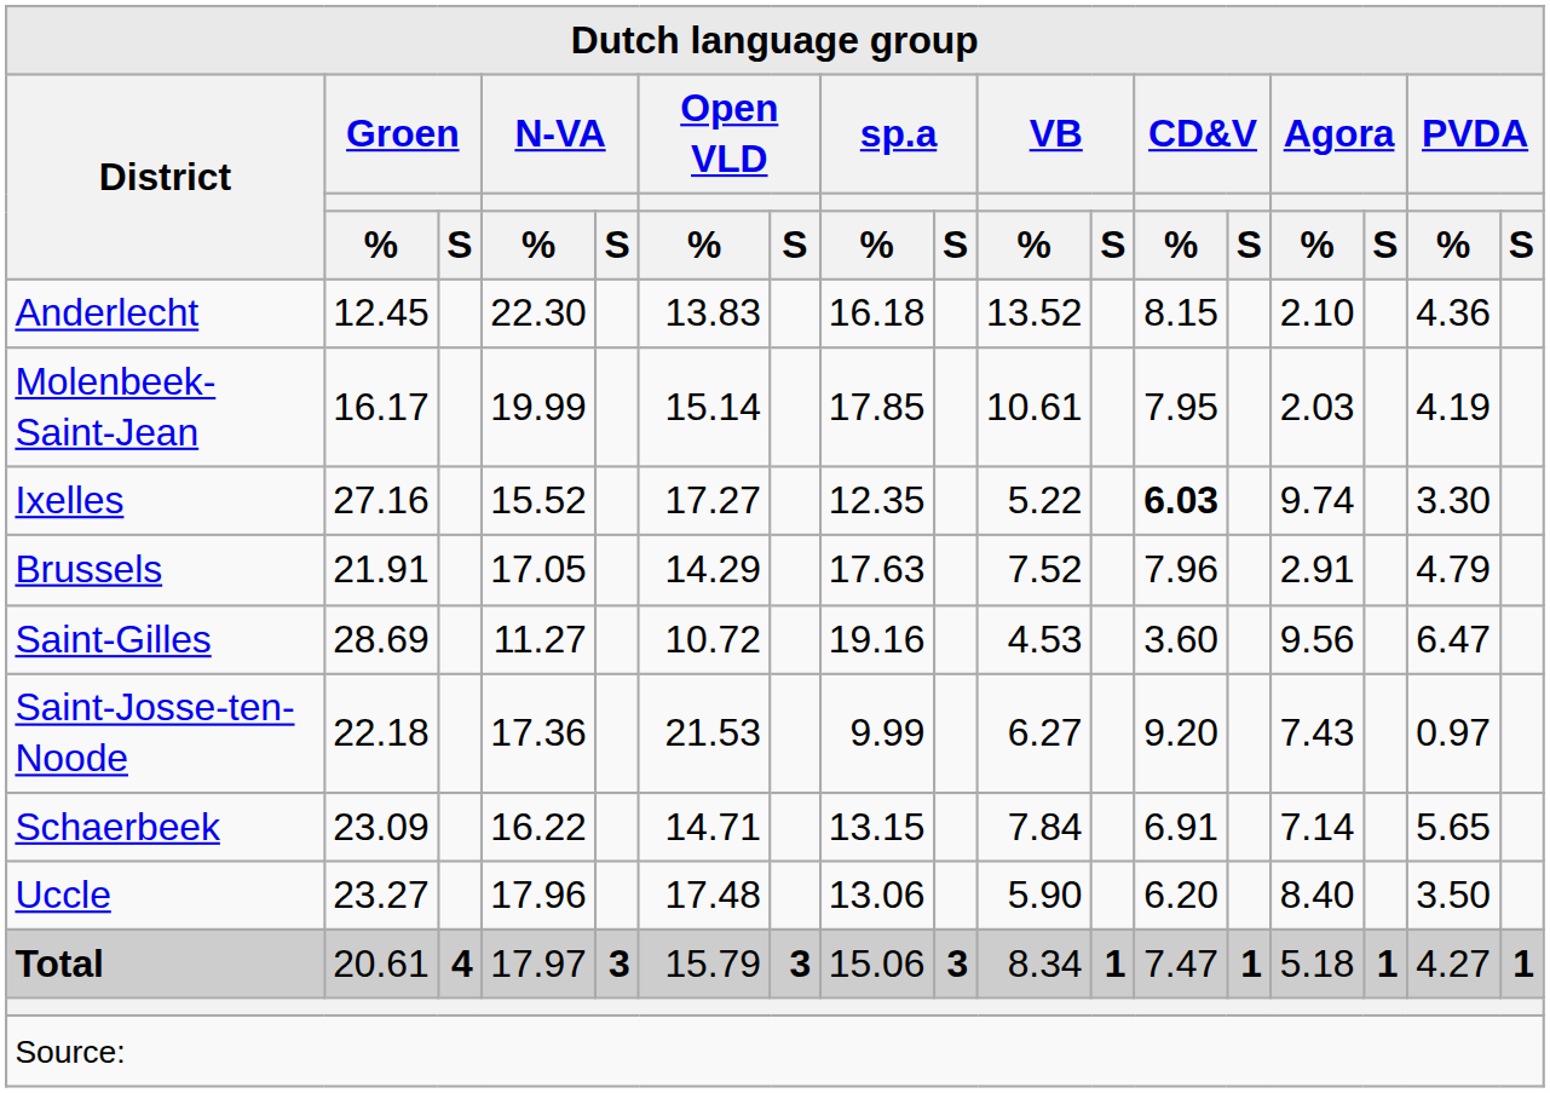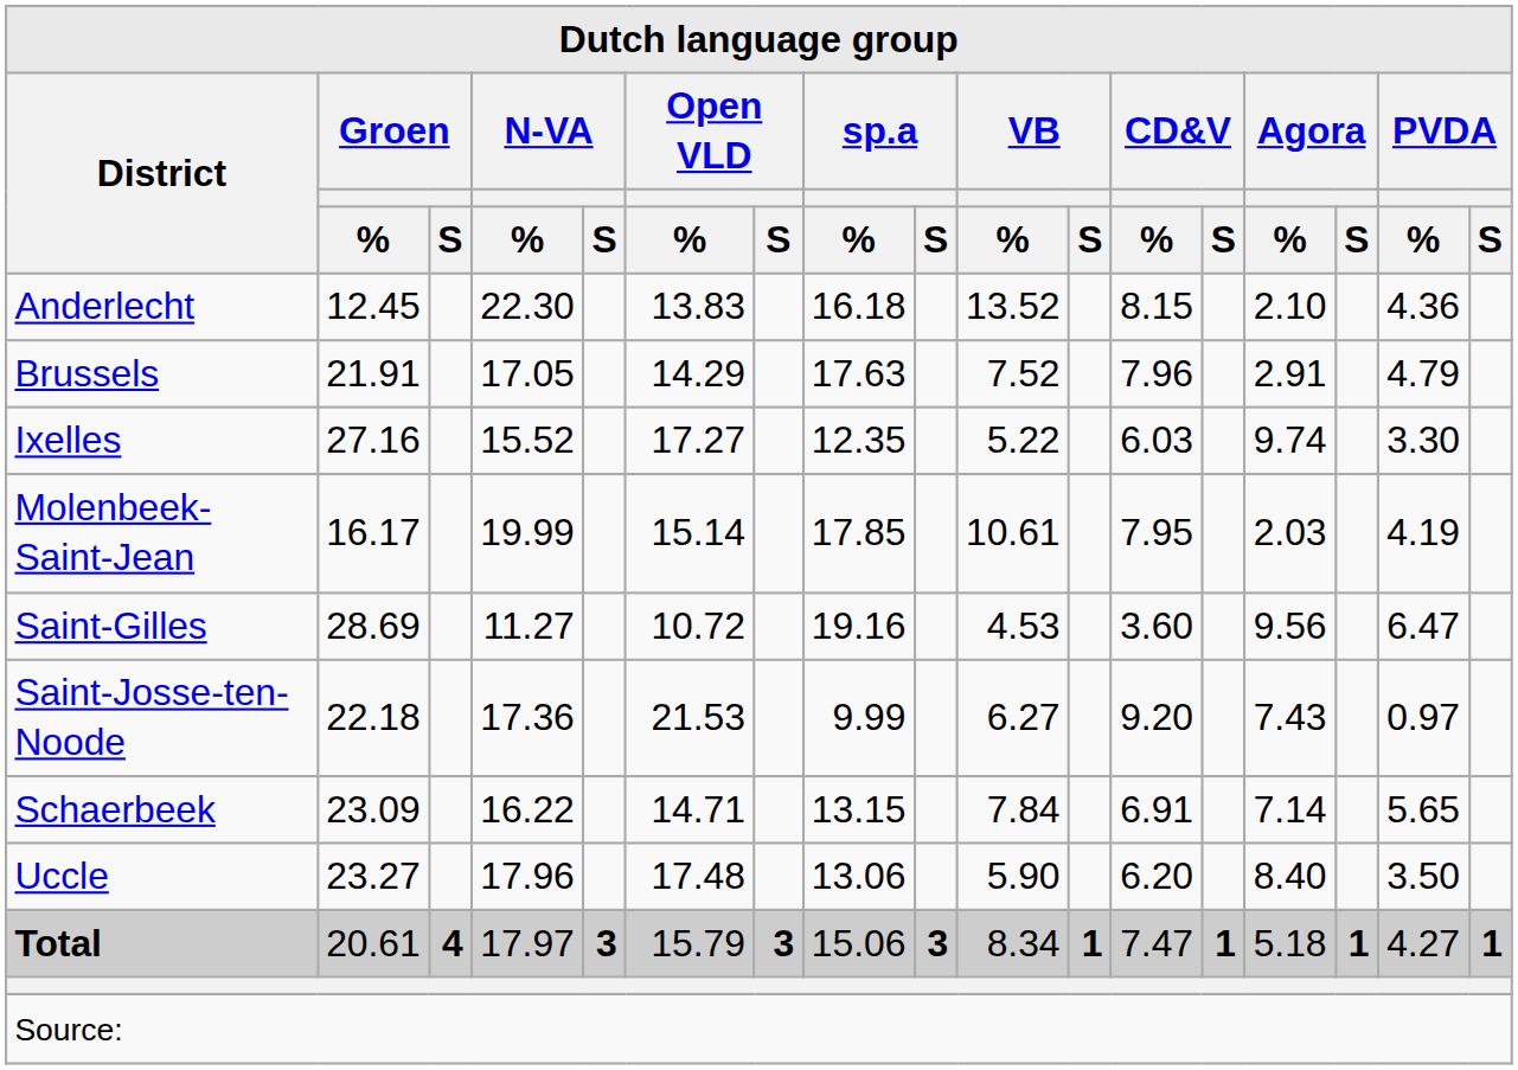 <table class="wikitable sortable" style="text-align:right; font-size:95%; line-height:20px;">
 <tr style="text-align:center;">
 <td style="background-color:#E9E9E9"; colspan="17" align="centre"><strong>Dutch language group</strong></td>
 </tr>
 <tr>
 <th rowspan="3">District</th>
 <th colspan="2"><a href='#'>Groen</a></th>
 <th colspan="2"><a href='#'>N-VA</a></th>
 <th colspan="2"><a href='#'>Open VLD</a></th>
 <th colspan="2"><a href='#'>sp.a</a></th>
 <th colspan="2"><a href='#'>VB</a></th>
 <th colspan="2"><a href='#'>CD&V</a></th>
 <th colspan="2"><a href='#'>Agora</a></th>
 <th colspan="2"><a href='#'>PVDA</a></th>
 </tr>
 <tr>
 <th colspan="2" style="background:"></th>
 <th colspan="2" style="background:"></th>
 <th colspan="2" style="background:"></th>
 <th colspan="2" style="background: "></th>
 <th colspan="2" style="background:"></th>
 <th colspan="2" style="background:"></th>
 <th colspan="2" style="background: "></th>
 <th colspan="2" style="background: "></th>
 </tr>
 <tr>
 <th>%</th>
 <th>S</th>
 <th>%</th>
 <th>S</th>
 <th>%</th>
 <th>S</th>
 <th>%</th>
 <th>S</th>
 <th>%</th>
 <th>S</th>
 <th>%</th>
 <th>S</th>
 <th>%</th>
 <th>S</th>
 <th>%</th>
 <th>S</th>
 </tr>
 <tr>
 <td align="left"><a href='#'>Anderlecht</a></td>
 <td>12.45</td>
 <td></td>
 <td style="background:">22.30</td>
 <td></td>
 <td>13.83</td>
 <td></td>
 <td>16.18</td>
 <td></td>
 <td>13.52</td>
 <td></td>
 <td>8.15</td>
 <td></td>
 <td>2.10</td>
 <td></td>
 <td>4.36</td>
 <td></td>
 </tr>
 <tr>
+<td align="left"><a href='#'>Brussels</a></td>
+<td style="background:">21.91</td>
+<td></td>
+<td>17.05</td>
+<td></td>
+<td>14.29</td>
+<td></td>
+<td>17.63</td>
+<td></td>
+<td>7.52</td>
+<td></td>
+<td>7.96</td>
+<td></td>
+<td>2.91</td>
+<td></td>
+<td>4.79</td>
+<td></td>
+</tr>
+<tr>
+<td align="left"><a href='#'>Ixelles</a></td>
+<td style="background:">27.16</td>
+<td></td>
+<td>15.52</td>
+<td></td>
+<td>17.27</td>
+<td></td>
+<td>12.35</td>
+<td></td>
+<td>5.22</td>
+<td></td>
+<td>6.03</td>
+<td></td>
+<td>9.74</td>
+<td></td>
+<td>3.30</td>
+<td></td>
+</tr>
+<tr>
 <td align="left"><a href='#'>Molenbeek-Saint-Jean</a></td>
 <td>16.17</td>
 <td></td>
 <td style="background:">19.99</td>
 <td></td>
 <td>15.14</td>
 <td></td>
 <td>17.85</td>
 <td></td>
 <td>10.61</td>
 <td></td>
 <td>7.95</td>
 <td></td>
 <td>2.03</td>
 <td></td>
 <td>4.19</td>
-<td></td>
-</tr>
-<tr>
-<td align="left"><a href='#'>Ixelles</a></td>
-<td style="background:">27.16</td>
-<td></td>
-<td>15.52</td>
-<td></td>
-<td>17.27</td>
-<td></td>
-<td>12.35</td>
-<td></td>
-<td>5.22</td>
-<td></td>
-<td><strong>6.03</strong></td>
-<td></td>
-<td>9.74</td>
-<td></td>
-<td>3.30</td>
-<td></td>
-</tr>
-<tr>
-<td align="left"><a href='#'>Brussels</a></td>
-<td style="background:">21.91</td>
-<td></td>
-<td>17.05</td>
-<td></td>
-<td>14.29</td>
-<td></td>
-<td>17.63</td>
-<td></td>
-<td>7.52</td>
-<td></td>
-<td>7.96</td>
-<td></td>
-<td>2.91</td>
-<td></td>
-<td>4.79</td>
 <td></td>
 </tr>
 <tr>
 <td align="left"><a href='#'>Saint-Gilles</a></td>
 <td style="background:">28.69</td>
 <td></td>
 <td>11.27</td>
 <td></td>
 <td>10.72</td>
 <td></td>
 <td>19.16</td>
 <td></td>
 <td>4.53</td>
 <td></td>
 <td>3.60</td>
 <td></td>
 <td>9.56</td>
 <td></td>
 <td>6.47</td>
 <td></td>
 </tr>
 <tr>
 <td align="left"><a href='#'>Saint-Josse-ten-Noode</a></td>
 <td style="background:">22.18</td>
 <td></td>
 <td>17.36</td>
 <td></td>
 <td>21.53</td>
 <td></td>
 <td>9.99</td>
 <td></td>
 <td>6.27</td>
 <td></td>
 <td>9.20</td>
 <td></td>
 <td>7.43</td>
 <td></td>
 <td>0.97</td>
 <td></td>
 </tr>
 <tr>
 <td align="left"><a href='#'>Schaerbeek</a></td>
 <td style="background:">23.09</td>
 <td></td>
 <td>16.22</td>
 <td></td>
 <td>14.71</td>
 <td></td>
 <td>13.15</td>
 <td></td>
 <td>7.84</td>
 <td></td>
 <td>6.91</td>
 <td></td>
 <td>7.14</td>
 <td></td>
 <td>5.65</td>
 <td></td>
 </tr>
 <tr>
 <td align="left"><a href='#'>Uccle</a></td>
 <td style="background:">23.27</td>
 <td></td>
 <td>17.96</td>
 <td></td>
 <td>17.48</td>
 <td></td>
 <td>13.06</td>
 <td></td>
 <td>5.90</td>
 <td></td>
 <td>6.20</td>
 <td></td>
 <td>8.40</td>
 <td></td>
 <td>3.50</td>
 <td></td>
 </tr>
 <tr style="background:#CDCDCD;">
 <td align="left"><strong>Total</strong></td>
 <td style="background:">20.61</td>
 <td><strong>4</strong></td>
 <td>17.97</td>
 <td><strong>3</strong></td>
 <td>15.79</td>
 <td><strong>3</strong></td>
 <td>15.06</td>
 <td><strong>3</strong></td>
 <td>8.34</td>
 <td><strong>1</strong></td>
 <td>7.47</td>
 <td><strong>1</strong></td>
 <td>5.18</td>
 <td><strong>1</strong></td>
 <td>4.27</td>
 <td><strong>1</strong></td>
 </tr>
 <tr>
 <th colspan="17"></th>
 </tr>
 <tr>
 <th colspan="17" style="text-align:left; font-weight:normal; background:#F9F9F9"><small>Source: </small></th>
 </tr>
 </table>
